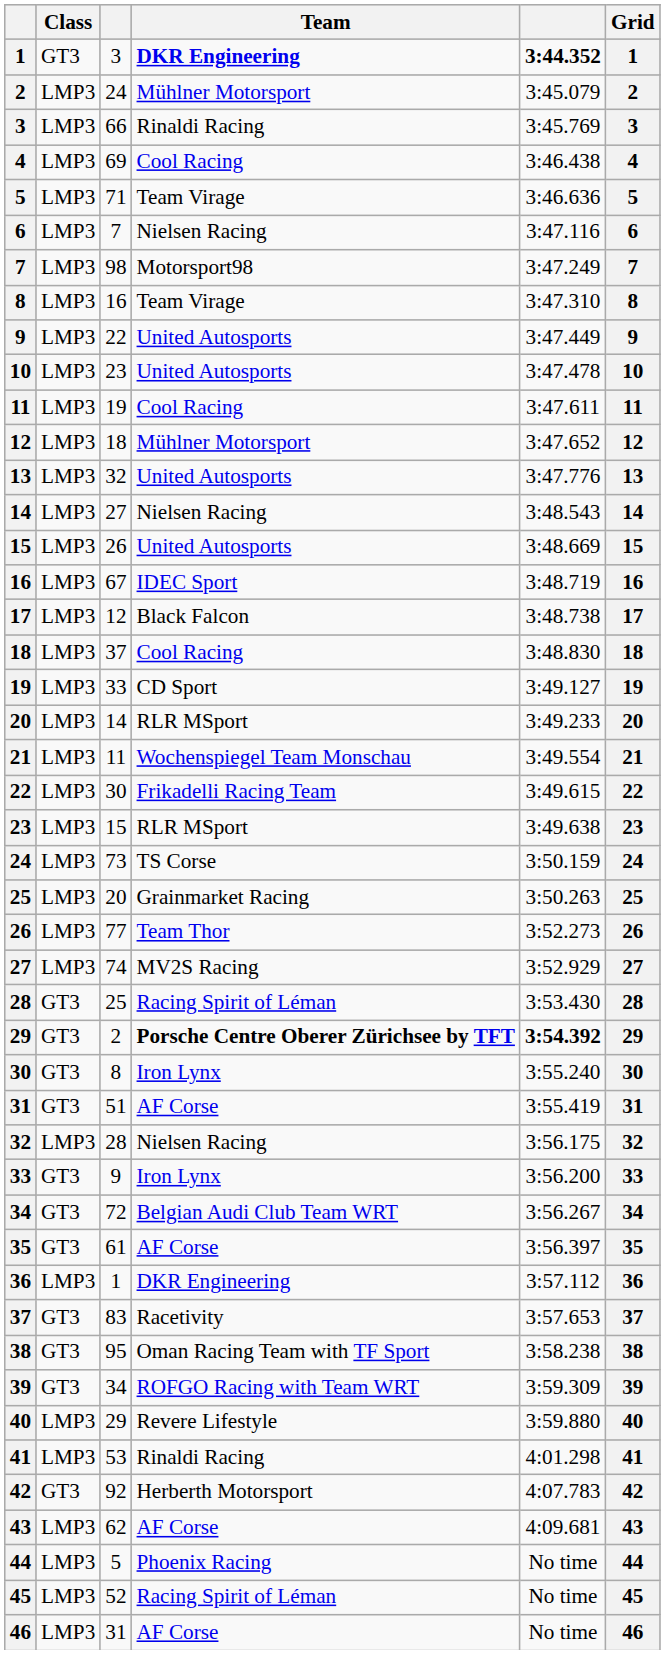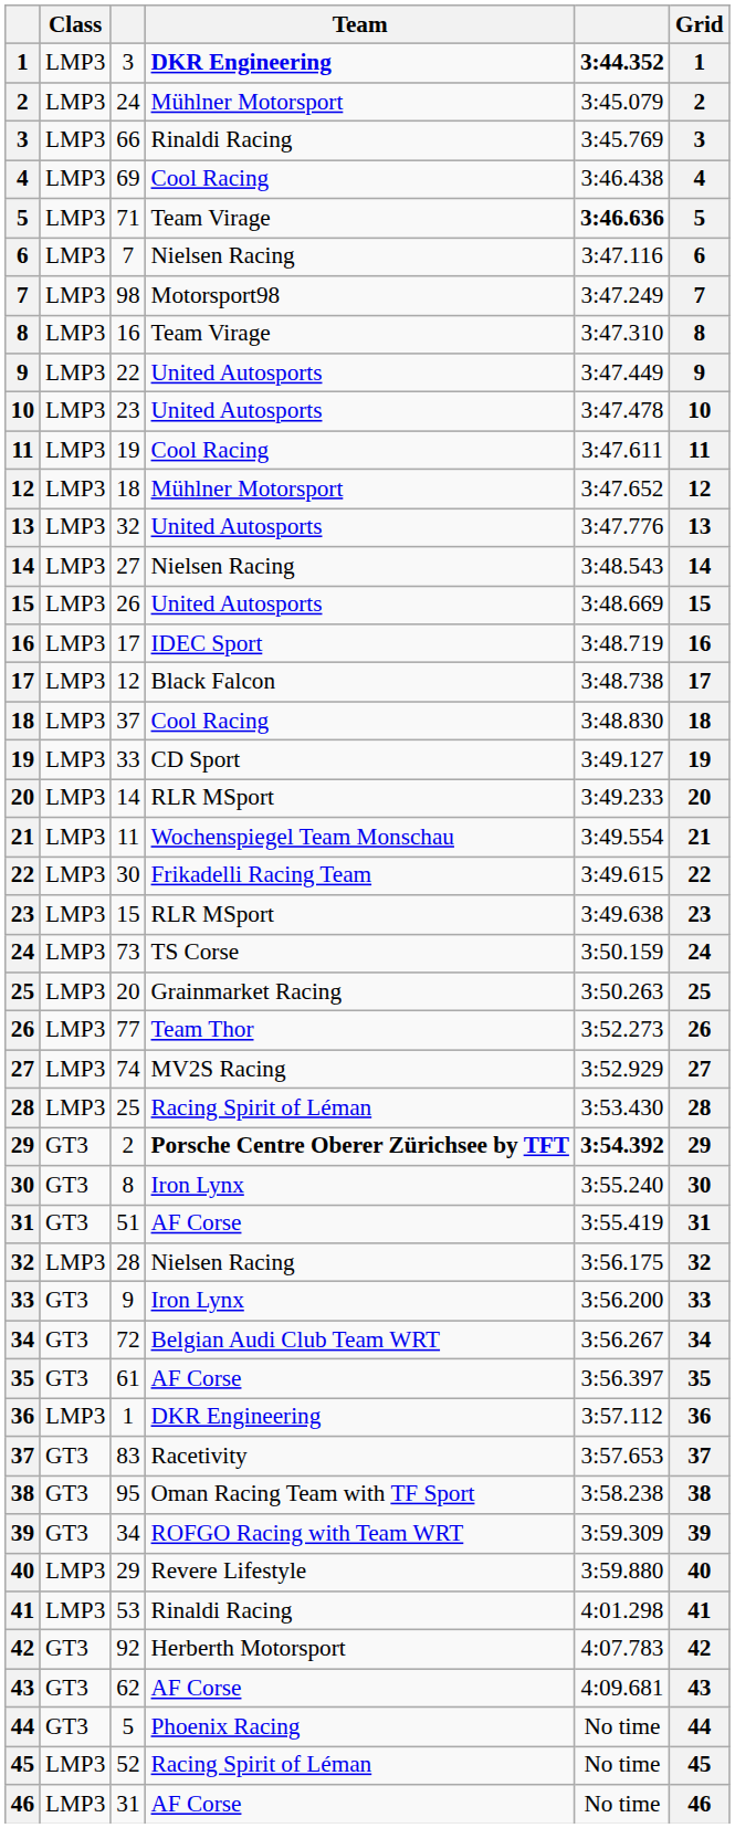 <table class="wikitable" style="font-size: 85%;">
 <tr>
 <th></th>
 <th>Class</th>
 <th></th>
 <th>Team</th>
 <th></th>
 <th>Grid</th>
 </tr>
 <tr>
 <th>1</th>
-<td>GT3</td>
+<td>LMP3</td>
 <td style="text-align:center">3</td>
 <td><strong><a href='#'>DKR Engineering</a></strong></td>
 <td style="text-align:center"><strong>3:44.352</strong></td>
 <th>1</th>
 </tr>
 <tr>
 <th>2</th>
 <td>LMP3</td>
 <td style="text-align:center">24</td>
 <td><a href='#'>Mühlner Motorsport</a></td>
 <td style="text-align:center">3:45.079</td>
 <th>2</th>
 </tr>
 <tr>
 <th>3</th>
 <td>LMP3</td>
 <td style="text-align:center">66</td>
 <td>Rinaldi Racing</td>
 <td style="text-align:center">3:45.769</td>
 <th>3</th>
 </tr>
 <tr>
 <th>4</th>
 <td>LMP3</td>
 <td style="text-align:center">69</td>
 <td><a href='#'>Cool Racing</a></td>
 <td style="text-align:center">3:46.438</td>
 <th>4</th>
 </tr>
 <tr>
 <th>5</th>
 <td>LMP3</td>
 <td style="text-align:center">71</td>
 <td>Team Virage</td>
-<td style="text-align:center">3:46.636</td>
+<td style="text-align:center"><strong>3:46.636</strong></td>
 <th>5</th>
 </tr>
 <tr>
 <th>6</th>
 <td>LMP3</td>
 <td style="text-align:center">7</td>
 <td>Nielsen Racing</td>
 <td style="text-align:center">3:47.116</td>
 <th>6</th>
 </tr>
 <tr>
 <th>7</th>
 <td>LMP3</td>
 <td style="text-align:center">98</td>
 <td>Motorsport98</td>
 <td style="text-align:center">3:47.249</td>
 <th>7</th>
 </tr>
 <tr>
 <th>8</th>
 <td>LMP3</td>
 <td style="text-align:center">16</td>
 <td>Team Virage</td>
 <td style="text-align:center">3:47.310</td>
 <th>8</th>
 </tr>
 <tr>
 <th>9</th>
 <td>LMP3</td>
 <td style="text-align:center">22</td>
 <td><a href='#'>United Autosports</a></td>
 <td style="text-align:center">3:47.449</td>
 <th>9</th>
 </tr>
 <tr>
 <th>10</th>
 <td>LMP3</td>
 <td style="text-align:center">23</td>
 <td><a href='#'>United Autosports</a></td>
 <td style="text-align:center">3:47.478</td>
 <th>10</th>
 </tr>
 <tr>
 <th>11</th>
 <td>LMP3</td>
 <td style="text-align:center">19</td>
 <td><a href='#'>Cool Racing</a></td>
 <td style="text-align:center">3:47.611</td>
 <th>11</th>
 </tr>
 <tr>
 <th>12</th>
 <td>LMP3</td>
 <td style="text-align:center">18</td>
 <td><a href='#'>Mühlner Motorsport</a></td>
 <td style="text-align:center">3:47.652</td>
 <th>12</th>
 </tr>
 <tr>
 <th>13</th>
 <td>LMP3</td>
 <td style="text-align:center">32</td>
 <td><a href='#'>United Autosports</a></td>
 <td style="text-align:center">3:47.776</td>
 <th>13</th>
 </tr>
 <tr>
 <th>14</th>
 <td>LMP3</td>
 <td style="text-align:center">27</td>
 <td>Nielsen Racing</td>
 <td style="text-align:center">3:48.543</td>
 <th>14</th>
 </tr>
 <tr>
 <th>15</th>
 <td>LMP3</td>
 <td style="text-align:center">26</td>
 <td><a href='#'>United Autosports</a></td>
 <td style="text-align:center">3:48.669</td>
 <th>15</th>
 </tr>
 <tr>
 <th>16</th>
 <td>LMP3</td>
-<td style="text-align:center">67</td>
+<td style="text-align:center">17</td>
 <td><a href='#'>IDEC Sport</a></td>
 <td style="text-align:center">3:48.719</td>
 <th>16</th>
 </tr>
 <tr>
 <th>17</th>
 <td>LMP3</td>
 <td style="text-align:center">12</td>
 <td>Black Falcon</td>
 <td style="text-align:center">3:48.738</td>
 <th>17</th>
 </tr>
 <tr>
 <th>18</th>
 <td>LMP3</td>
 <td style="text-align:center">37</td>
 <td><a href='#'>Cool Racing</a></td>
 <td style="text-align:center">3:48.830</td>
 <th>18</th>
 </tr>
 <tr>
 <th>19</th>
 <td>LMP3</td>
 <td style="text-align:center">33</td>
 <td>CD Sport</td>
 <td style="text-align:center">3:49.127</td>
 <th>19</th>
 </tr>
 <tr>
 <th>20</th>
 <td>LMP3</td>
 <td style="text-align:center">14</td>
 <td>RLR MSport</td>
 <td style="text-align:center">3:49.233</td>
 <th>20</th>
 </tr>
 <tr>
 <th>21</th>
 <td>LMP3</td>
 <td style="text-align:center">11</td>
 <td><a href='#'>Wochenspiegel Team Monschau</a></td>
 <td style="text-align:center">3:49.554</td>
 <th>21</th>
 </tr>
 <tr>
 <th>22</th>
 <td>LMP3</td>
 <td style="text-align:center">30</td>
 <td><a href='#'>Frikadelli Racing Team</a></td>
 <td style="text-align:center">3:49.615</td>
 <th>22</th>
 </tr>
 <tr>
 <th>23</th>
 <td>LMP3</td>
 <td style="text-align:center">15</td>
 <td>RLR MSport</td>
 <td style="text-align:center">3:49.638</td>
 <th>23</th>
 </tr>
 <tr>
 <th>24</th>
 <td>LMP3</td>
 <td style="text-align:center">73</td>
 <td>TS Corse</td>
 <td style="text-align:center">3:50.159</td>
 <th>24</th>
 </tr>
 <tr>
 <th>25</th>
 <td>LMP3</td>
 <td style="text-align:center">20</td>
 <td>Grainmarket Racing</td>
 <td style="text-align:center">3:50.263</td>
 <th>25</th>
 </tr>
 <tr>
 <th>26</th>
 <td>LMP3</td>
 <td style="text-align:center">77</td>
 <td><a href='#'>Team Thor</a></td>
 <td style="text-align:center">3:52.273</td>
 <th>26</th>
 </tr>
 <tr>
 <th>27</th>
 <td>LMP3</td>
 <td style="text-align:center">74</td>
 <td>MV2S Racing</td>
 <td style="text-align:center">3:52.929</td>
 <th>27</th>
 </tr>
 <tr>
 <th>28</th>
-<td>GT3</td>
+<td>LMP3</td>
 <td style="text-align:center">25</td>
 <td><a href='#'>Racing Spirit of Léman</a></td>
 <td style="text-align:center">3:53.430</td>
 <th>28</th>
 </tr>
 <tr>
 <th>29</th>
 <td>GT3</td>
 <td style="text-align:center">2</td>
 <td><strong>Porsche Centre Oberer Zürichsee by <a href='#'>TFT</a></strong></td>
 <td style="text-align:center"><strong>3:54.392</strong></td>
 <th>29</th>
 </tr>
 <tr>
 <th>30</th>
 <td>GT3</td>
 <td style="text-align:center">8</td>
 <td><a href='#'>Iron Lynx</a></td>
 <td style="text-align:center">3:55.240</td>
 <th>30</th>
 </tr>
 <tr>
 <th>31</th>
 <td>GT3</td>
 <td style="text-align:center">51</td>
 <td><a href='#'>AF Corse</a></td>
 <td style="text-align:center">3:55.419</td>
 <th>31</th>
 </tr>
 <tr>
 <th>32</th>
 <td>LMP3</td>
 <td style="text-align:center">28</td>
 <td>Nielsen Racing</td>
 <td style="text-align:center">3:56.175</td>
 <th>32</th>
 </tr>
 <tr>
 <th>33</th>
 <td>GT3</td>
 <td style="text-align:center">9</td>
 <td><a href='#'>Iron Lynx</a></td>
 <td style="text-align:center">3:56.200</td>
 <th>33</th>
 </tr>
 <tr>
 <th>34</th>
 <td>GT3</td>
 <td style="text-align:center">72</td>
 <td><a href='#'>Belgian Audi Club Team WRT</a></td>
 <td style="text-align:center">3:56.267</td>
 <th>34</th>
 </tr>
 <tr>
 <th>35</th>
 <td>GT3</td>
 <td style="text-align:center">61</td>
 <td><a href='#'>AF Corse</a></td>
 <td style="text-align:center">3:56.397</td>
 <th>35</th>
 </tr>
 <tr>
 <th>36</th>
 <td>LMP3</td>
 <td style="text-align:center">1</td>
 <td><a href='#'>DKR Engineering</a></td>
 <td style="text-align:center">3:57.112</td>
 <th>36</th>
 </tr>
 <tr>
 <th>37</th>
 <td>GT3</td>
 <td style="text-align:center">83</td>
 <td>Racetivity</td>
 <td style="text-align:center">3:57.653</td>
 <th>37</th>
 </tr>
 <tr>
 <th>38</th>
 <td>GT3</td>
 <td style="text-align:center">95</td>
 <td>Oman Racing Team with <a href='#'>TF Sport</a></td>
 <td style="text-align:center">3:58.238</td>
 <th>38</th>
 </tr>
 <tr>
 <th>39</th>
 <td>GT3</td>
 <td style="text-align:center">34</td>
 <td><a href='#'>ROFGO Racing with Team WRT</a></td>
 <td style="text-align:center">3:59.309</td>
 <th>39</th>
 </tr>
 <tr>
 <th>40</th>
 <td>LMP3</td>
 <td style="text-align:center">29</td>
 <td>Revere Lifestyle</td>
 <td style="text-align:center">3:59.880</td>
 <th>40</th>
 </tr>
 <tr>
 <th>41</th>
 <td>LMP3</td>
 <td style="text-align:center">53</td>
 <td>Rinaldi Racing</td>
 <td style="text-align:center">4:01.298</td>
 <th>41</th>
 </tr>
 <tr>
 <th>42</th>
 <td>GT3</td>
 <td style="text-align:center">92</td>
 <td>Herberth Motorsport</td>
 <td style="text-align:center">4:07.783</td>
 <th>42</th>
 </tr>
 <tr>
 <th>43</th>
-<td>LMP3</td>
+<td>GT3</td>
 <td style="text-align:center">62</td>
 <td><a href='#'>AF Corse</a></td>
 <td style="text-align:center">4:09.681</td>
 <th>43</th>
 </tr>
 <tr>
 <th>44</th>
-<td>LMP3</td>
+<td>GT3</td>
 <td style="text-align:center">5</td>
 <td><a href='#'>Phoenix Racing</a></td>
 <td style="text-align:center">No time</td>
 <th>44</th>
 </tr>
 <tr>
 <th>45</th>
 <td>LMP3</td>
 <td style="text-align:center">52</td>
 <td><a href='#'>Racing Spirit of Léman</a></td>
 <td style="text-align:center">No time</td>
 <th>45</th>
 </tr>
 <tr>
 <th>46</th>
 <td>LMP3</td>
 <td style="text-align:center">31</td>
 <td><a href='#'>AF Corse</a></td>
 <td style="text-align:center">No time</td>
 <th>46</th>
 </tr>
 </table>
